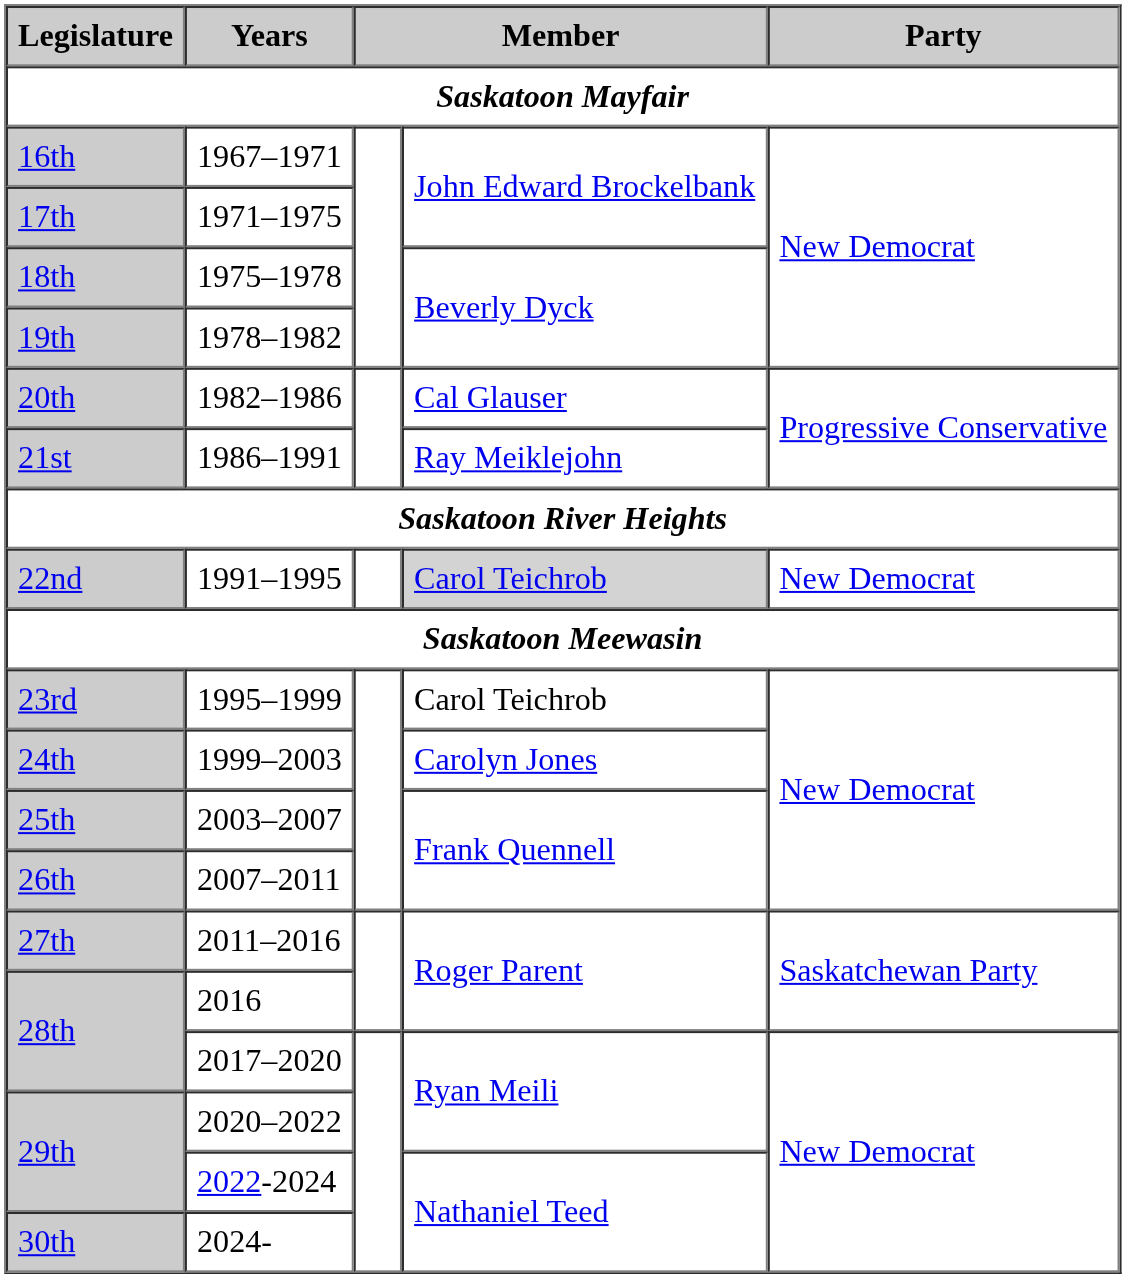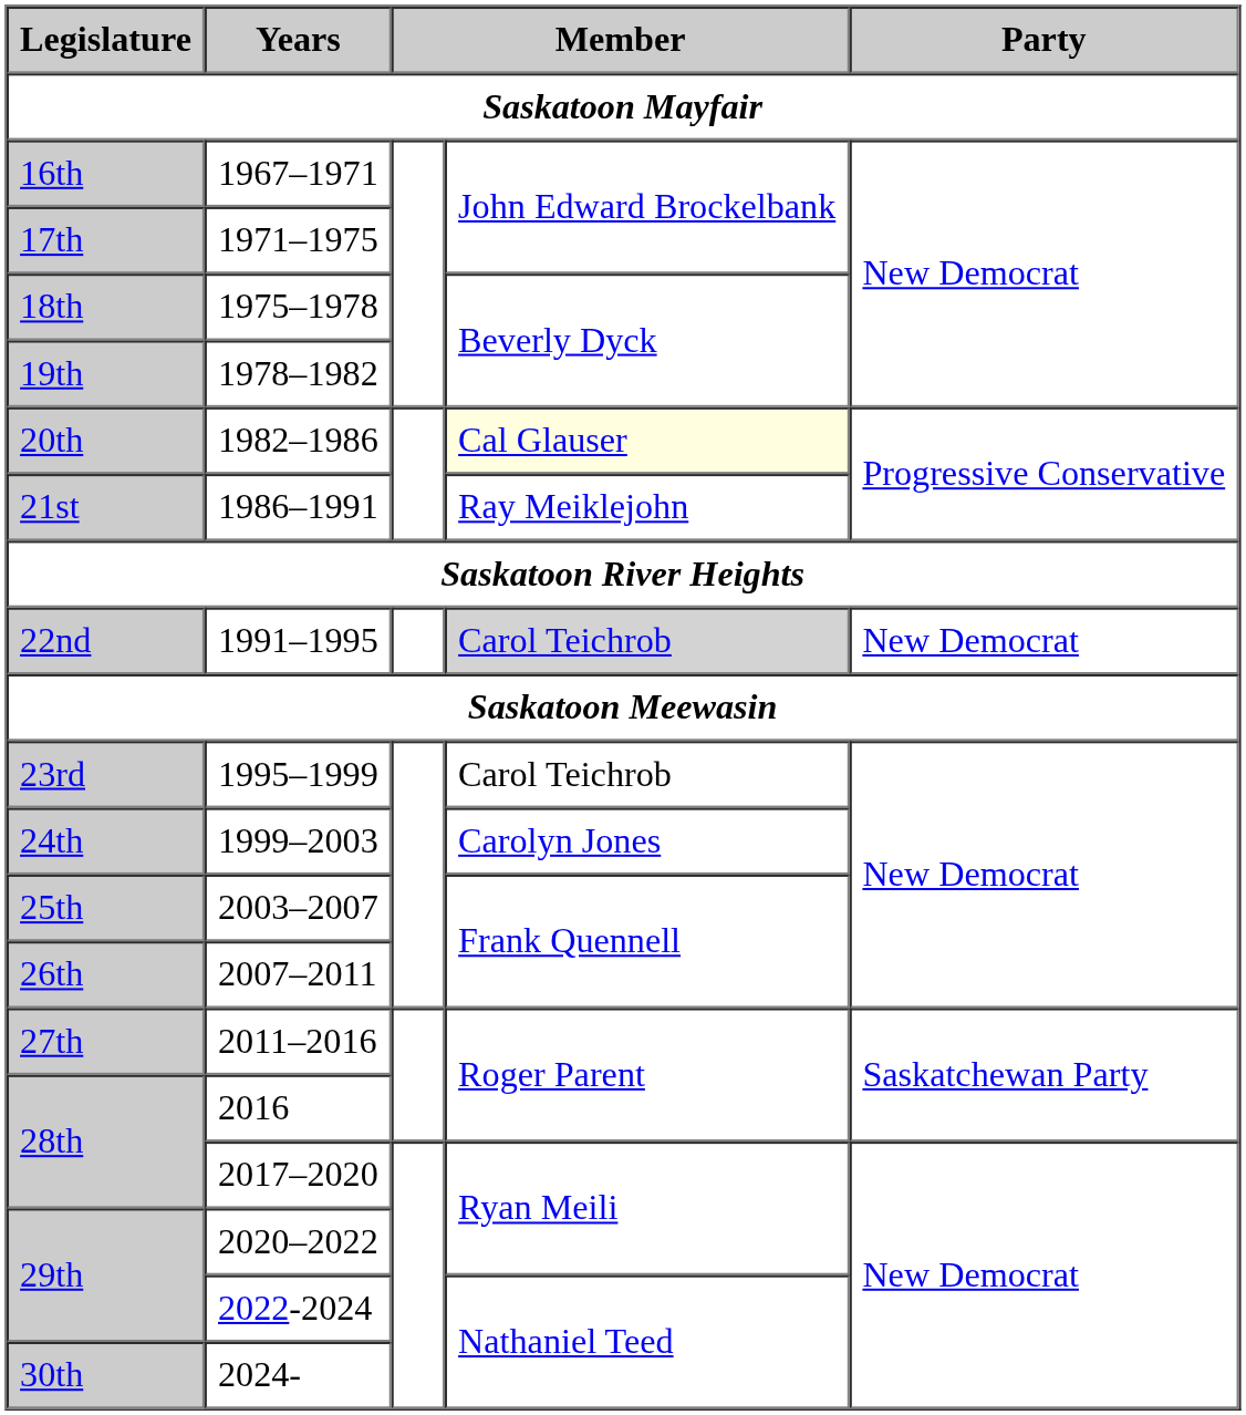 <table border=1 cellpadding=5 cellspacing=0>
 <tr bgcolor="CCCCCC">
 <th>Legislature</th>
 <th>Years</th>
 <th colspan="2">Member</th>
 <th>Party</th>
 </tr>
 <tr>
 <td colspan="5" align="center"><strong><em>Saskatoon Mayfair</em></strong></td>
 </tr>
 <tr>
 <td bgcolor="CCCCCC"><a href='#'>16th</a></td>
 <td>1967–1971</td>
 <td rowspan="4" >   </td>
 <td rowspan="2"><a href='#'>John Edward Brockelbank</a></td>
 <td rowspan="4"><a href='#'>New Democrat</a></td>
 </tr>
 <tr>
 <td bgcolor="CCCCCC"><a href='#'>17th</a></td>
 <td>1971–1975</td>
 </tr>
 <tr>
 <td bgcolor="CCCCCC"><a href='#'>18th</a></td>
 <td>1975–1978</td>
 <td rowspan="2"><a href='#'>Beverly Dyck</a></td>
 </tr>
 <tr>
 <td bgcolor="CCCCCC"><a href='#'>19th</a></td>
 <td>1978–1982</td>
 </tr>
 <tr>
 <td bgcolor="CCCCCC"><a href='#'>20th</a></td>
 <td>1982–1986</td>
 <td rowspan="2" >   </td>
-<td><a href='#'>Cal Glauser</a></td>
+<td style="background: lightyellow;"><a href='#'>Cal Glauser</a></td>
 <td rowspan="2"><a href='#'>Progressive Conservative</a></td>
 </tr>
 <tr>
 <td bgcolor="CCCCCC"><a href='#'>21st</a></td>
 <td>1986–1991</td>
 <td><a href='#'>Ray Meiklejohn</a></td>
 </tr>
 <tr>
 <td colspan="5" align="center"><strong><em>Saskatoon River Heights</em></strong></td>
 </tr>
 <tr>
 <td bgcolor="CCCCCC"><a href='#'>22nd</a></td>
 <td>1991–1995</td>
 <td>   </td>
 <td style="background: lightgrey;"><a href='#'>Carol Teichrob</a></td>
 <td><a href='#'>New Democrat</a></td>
 </tr>
 <tr>
 <td colspan="5" align="center"><strong><em>Saskatoon Meewasin</em></strong></td>
 </tr>
 <tr>
 <td bgcolor="CCCCCC"><a href='#'>23rd</a></td>
 <td>1995–1999</td>
 <td rowspan="4" >   </td>
 <td>Carol Teichrob</td>
 <td rowspan="4"><a href='#'>New Democrat</a></td>
 </tr>
 <tr>
 <td bgcolor="CCCCCC"><a href='#'>24th</a></td>
 <td>1999–2003</td>
 <td><a href='#'>Carolyn Jones</a></td>
 </tr>
 <tr>
 <td bgcolor="CCCCCC"><a href='#'>25th</a></td>
 <td>2003–2007</td>
 <td rowspan="2"><a href='#'>Frank Quennell</a></td>
 </tr>
 <tr>
 <td bgcolor="CCCCCC"><a href='#'>26th</a></td>
 <td>2007–2011</td>
 </tr>
 <tr>
 <td bgcolor="CCCCCC"><a href='#'>27th</a></td>
 <td>2011–2016</td>
 <td rowspan="2" >   </td>
 <td rowspan="2"><a href='#'>Roger Parent</a></td>
 <td rowspan="2"><a href='#'>Saskatchewan Party</a></td>
 </tr>
 <tr>
 <td bgcolor="CCCCCC" rowspan=2><a href='#'>28th</a></td>
 <td>2016</td>
 </tr>
 <tr>
 <td>2017–2020</td>
 <td rowspan="4" >   </td>
 <td rowspan="2"><a href='#'>Ryan Meili</a></td>
 <td rowspan="4"><a href='#'>New Democrat</a></td>
 </tr>
 <tr>
 <td rowspan="2" bgcolor="CCCCCC"><a href='#'>29th</a></td>
 <td>2020–2022</td>
 </tr>
 <tr>
 <td><a href='#'>2022</a>-2024</td>
 <td rowspan="2"><a href='#'>Nathaniel Teed</a></td>
 </tr>
 <tr>
 <td bgcolor="CCCCCC"><a href='#'>30th</a></td>
 <td>2024-</td>
 </tr>
 </table>
